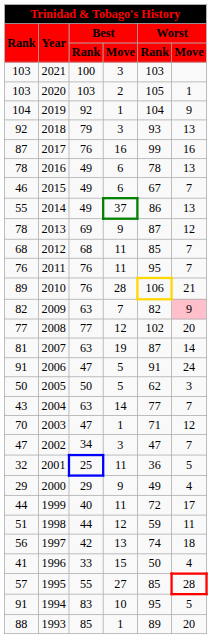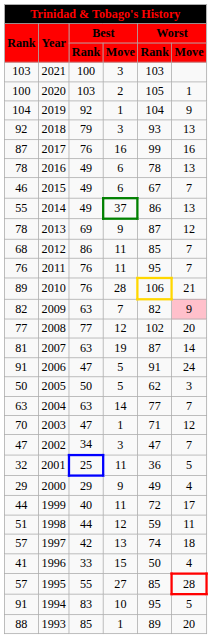 <table class="wikitable sortable" style="text-align:center;">
 <tr>
 <th colspan=9 style="background: #000000; color: #FF0000;"> Trinidad & Tobago's <a href='#'></a> History</th>
 </tr>
 <tr>
 <th rowspan=2 style="background-color: #FF0000; color: #000000;">Rank</th>
 <th rowspan=2 style="background-color: #FF0000; color: #000000;">Year</th>
 <th colspan=2 style="background-color: #FF0000; color: #000000;">Best</th>
 <th colspan=2 style="background-color: #FF0000; color: #000000;">Worst</th>
 </tr>
 <tr>
 <th style="background-color: #FF0000; color: #000000;">Rank</th>
 <th style="background-color: #FF0000; color: #000000;">Move</th>
 <th style="background-color: #FF0000; color: #000000;">Rank</th>
 <th style="background-color: #FF0000; color: #000000;">Move</th>
 </tr>
 <tr>
 <td>103</td>
 <td>2021</td>
 <td>100</td>
 <td> 3</td>
 <td>103</td>
 <td></td>
 </tr>
 <tr>
-<td>103</td>
+<td>100</td>
 <td>2020</td>
 <td>103</td>
 <td> 2</td>
 <td>105</td>
 <td> 1</td>
 </tr>
 <tr>
 <td>104</td>
 <td>2019</td>
 <td>92</td>
 <td> 1</td>
 <td>104</td>
 <td> 9</td>
 </tr>
 <tr>
 <td>92</td>
 <td>2018</td>
 <td>79</td>
 <td> 3</td>
 <td>93</td>
 <td> 13</td>
 </tr>
 <tr>
 <td>87</td>
 <td>2017</td>
 <td>76</td>
 <td> 16</td>
 <td>99</td>
 <td> 16</td>
 </tr>
 <tr>
 <td>78</td>
 <td>2016</td>
 <td>49</td>
 <td> 6</td>
 <td>78</td>
 <td> 13</td>
 </tr>
 <tr>
 <td>46</td>
 <td>2015</td>
 <td>49</td>
 <td> 6</td>
 <td>67</td>
 <td> 7</td>
 </tr>
 <tr>
 <td>55</td>
 <td>2014</td>
 <td>49</td>
 <td style="border: 3px solid green"> 37</td>
 <td>86</td>
 <td> 13</td>
 </tr>
 <tr>
 <td>78</td>
 <td>2013</td>
 <td>69</td>
 <td> 9</td>
 <td>87</td>
 <td> 12</td>
 </tr>
 <tr>
 <td>68</td>
 <td>2012</td>
-<td>68</td>
+<td>86</td>
 <td> 11</td>
 <td>85</td>
 <td> 7</td>
 </tr>
 <tr>
 <td>76</td>
 <td>2011</td>
 <td>76</td>
 <td> 11</td>
 <td>95</td>
 <td> 7</td>
 </tr>
 <tr>
 <td>89</td>
 <td>2010</td>
 <td>76</td>
 <td> 28</td>
 <td style="border: 3px solid gold">106</td>
 <td> 21</td>
 </tr>
 <tr>
 <td>82</td>
 <td>2009</td>
 <td>63</td>
 <td> 7</td>
 <td>82</td>
 <td style="background: pink;"> 9</td>
 </tr>
 <tr>
 <td>77</td>
 <td>2008</td>
 <td>77</td>
 <td> 12</td>
 <td>102</td>
 <td> 20</td>
 </tr>
 <tr>
 <td>81</td>
 <td>2007</td>
 <td>63</td>
 <td> 19</td>
 <td>87</td>
 <td> 14</td>
 </tr>
 <tr>
 <td>91</td>
 <td>2006</td>
 <td>47</td>
 <td> 5</td>
 <td>91</td>
 <td> 24</td>
 </tr>
 <tr>
 <td>50</td>
 <td>2005</td>
 <td>50</td>
 <td> 5</td>
 <td>62</td>
 <td> 3</td>
 </tr>
 <tr>
-<td>43</td>
+<td>63</td>
 <td>2004</td>
 <td>63</td>
 <td> 14</td>
 <td>77</td>
 <td> 7</td>
 </tr>
 <tr>
 <td>70</td>
 <td>2003</td>
 <td>47</td>
 <td> 1</td>
 <td>71</td>
 <td> 12</td>
 </tr>
 <tr>
 <td>47</td>
 <td>2002</td>
 <td>34</td>
 <td> 3</td>
 <td>47</td>
 <td> 7</td>
 </tr>
 <tr>
 <td>32</td>
 <td>2001</td>
 <td style="border: 3px solid blue">25</td>
 <td> 11</td>
 <td>36</td>
 <td> 5</td>
 </tr>
 <tr>
 <td>29</td>
 <td>2000</td>
 <td>29</td>
 <td> 9</td>
 <td>49</td>
 <td> 4</td>
 </tr>
 <tr>
 <td>44</td>
 <td>1999</td>
 <td>40</td>
 <td> 11</td>
 <td>72</td>
 <td> 17</td>
 </tr>
 <tr>
 <td>51</td>
 <td>1998</td>
 <td>44</td>
 <td> 12</td>
 <td>59</td>
 <td> 11</td>
 </tr>
 <tr>
-<td>56</td>
+<td>57</td>
 <td>1997</td>
 <td>42</td>
 <td> 13</td>
 <td>74</td>
 <td> 18</td>
 </tr>
 <tr>
 <td>41</td>
 <td>1996</td>
 <td>33</td>
 <td> 15</td>
 <td>50</td>
 <td> 4</td>
 </tr>
 <tr>
 <td>57</td>
 <td>1995</td>
 <td>55</td>
 <td> 27</td>
 <td>85</td>
 <td style="border: 3px solid red"> 28</td>
 </tr>
 <tr>
 <td>91</td>
 <td>1994</td>
 <td>83</td>
 <td> 10</td>
 <td>95</td>
 <td> 5</td>
 </tr>
 <tr>
 <td>88</td>
 <td>1993</td>
 <td>85</td>
 <td> 1</td>
 <td>89</td>
 <td> 20</td>
 </tr>
 </table>
